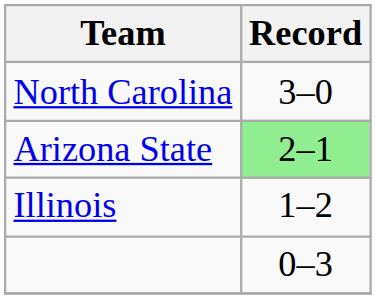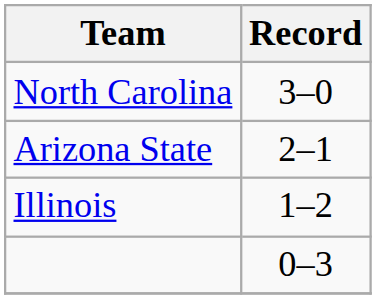 <table class="wikitable" style="text-align:center">
 <tr>
 <th>Team</th>
 <th>Record</th>
 </tr>
 <tr>
 <td align=left><a href='#'>North Carolina</a></td>
 <td>3–0</td>
 </tr>
 <tr>
 <td align=left><a href='#'>Arizona State</a></td>
-<td style="background: lightgreen;">2–1</td>
+<td>2–1</td>
 </tr>
 <tr>
 <td align=left><a href='#'>Illinois</a></td>
 <td>1–2</td>
 </tr>
 <tr>
 <td align=left></td>
 <td>0–3</td>
 </tr>
 <tr>
 </tr>
 </table>
